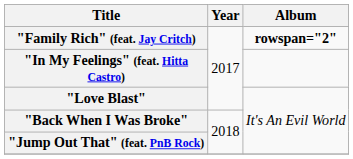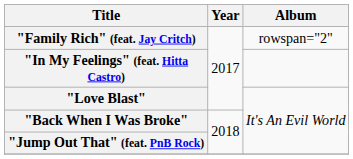 <table class="wikitable plainrowheaders" style="text-align:center;">
 <tr>
 <th scope="col" style="width:14em;">Title</th>
 <th scope="col">Year</th>
 <th scope="col">Album</th>
 </tr>
 <tr>
 <th scope="row">"Family Rich" <small>(feat. <a href='#'>Jay Critch</a>)</small></th>
 <td rowspan="3">2017</td>
-<td><strong>rowspan="2" </strong></td>
+<td>rowspan="2" </td>
 </tr>
 <tr>
 <th scope="row">"In My Feelings" <small>(feat. <a href='#'>Hitta Castro</a>)</small></th>
 </tr>
 <tr>
 <th scope="row">"Love Blast"</th>
 <td rowspan="3"><em>It's An Evil World</em></td>
 </tr>
 <tr>
 <th scope="row">"Back When I Was Broke"</th>
 <td rowspan="2">2018</td>
 </tr>
 <tr>
 <th scope="row">"Jump Out That" <small>(feat. <a href='#'>PnB Rock</a>)</small></th>
 </tr>
 <tr>
 </tr>
 </table>
